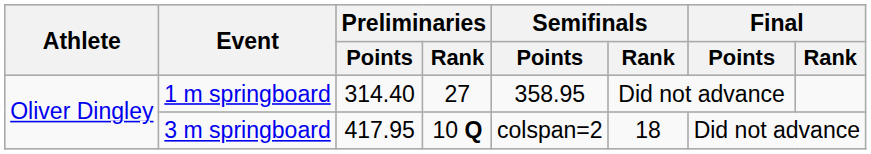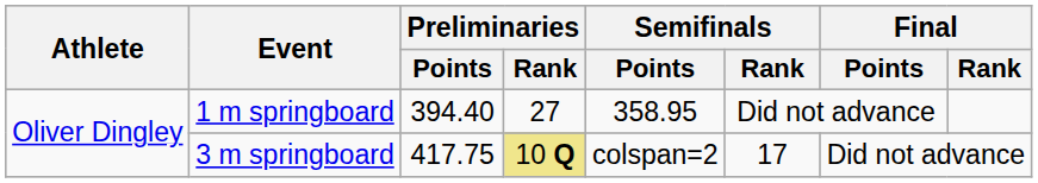 <table class=wikitable style="font-size:90%;">
 <tr>
 <th rowspan="2">Athlete</th>
 <th rowspan="2">Event</th>
 <th colspan="2">Preliminaries</th>
 <th colspan="2">Semifinals</th>
 <th colspan="2">Final</th>
 </tr>
 <tr style="font-size:95%">
 <th>Points</th>
 <th>Rank</th>
 <th>Points</th>
 <th>Rank</th>
 <th>Points</th>
 <th>Rank</th>
 </tr>
 <tr align=center>
 <td align=left rowspan=2><a href='#'>Oliver Dingley</a></td>
 <td align=left><a href='#'>1 m springboard</a></td>
-<td>314.40</td>
+<td>394.40</td>
 <td>27</td>
 <td>358.95</td>
 <td colspan=2>Did not advance</td>
 </tr>
 <tr align=center>
 <td align=left><a href='#'>3 m springboard</a></td>
-<td>417.95</td>
-<td>10 <strong>Q</strong></td>
+<td>417.75</td>
+<td style="background: khaki;">10 <strong>Q</strong></td>
 <td>colspan=2 </td>
-<td>18</td>
+<td>17</td>
 <td colspan=2>Did not advance</td>
 </tr>
 </table>
